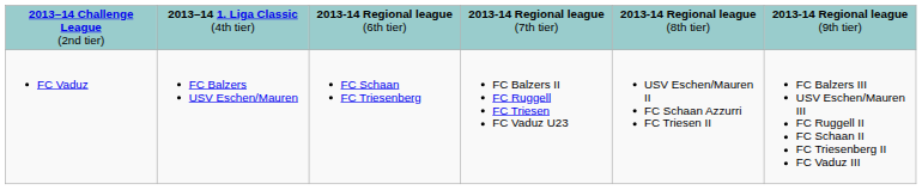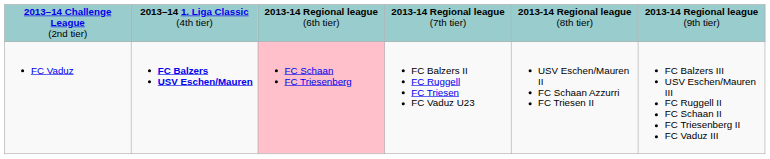 <table class="wikitable">
 <tr valign="top" bgcolor="#99CCCC">
 <td align="center" width="16%"><strong><a href='#'>2013–14 Challenge League</a></strong><br>(2nd tier)</td>
 <td align="center" width="16%"><strong>2013–14 <a href='#'>1. Liga Classic</a></strong><br>(4th tier)</td>
 <td align="center" width="16%"><strong>2013-14 Regional league</strong><br>(6th tier)</td>
 <td align="center" width="16%"><strong>2013-14 Regional league</strong><br>(7th tier)</td>
 <td align="center" width="16%"><strong>2013-14 Regional league</strong><br>(8th tier)</td>
 <td align="center" width="16%"><strong>2013-14 Regional league</strong><br>(9th tier)</td>
 </tr>
 <tr valign="top">
 <td><br><ul><li><a href='#'>FC Vaduz</a></li></ul></td>
-<td><br><ul><li><a href='#'>FC Balzers</a></li><li><a href='#'>USV Eschen/Mauren</a></li></ul></td>
-<td><br><ul><li><a href='#'>FC Schaan</a></li><li><a href='#'>FC Triesenberg</a></li></ul></td>
+<td><strong><br><ul><li><a href='#'>FC Balzers</a></li><li><a href='#'>USV Eschen/Mauren</a></li></ul></strong></td>
+<td style="background: pink;"><br><ul><li><a href='#'>FC Schaan</a></li><li><a href='#'>FC Triesenberg</a></li></ul></td>
 <td><br><ul><li>FC Balzers II</li><li><a href='#'>FC Ruggell</a></li><li><a href='#'>FC Triesen</a></li><li>FC Vaduz U23</li></ul></td>
 <td><br><ul><li>USV Eschen/Mauren II</li><li>FC Schaan Azzurri</li><li>FC Triesen II</li></ul></td>
 <td><br><ul><li>FC Balzers III</li><li>USV Eschen/Mauren III</li><li>FC Ruggell II</li><li>FC Schaan II</li><li>FC Triesenberg II</li><li>FC Vaduz III</li></ul></td>
 </tr>
 </table>
